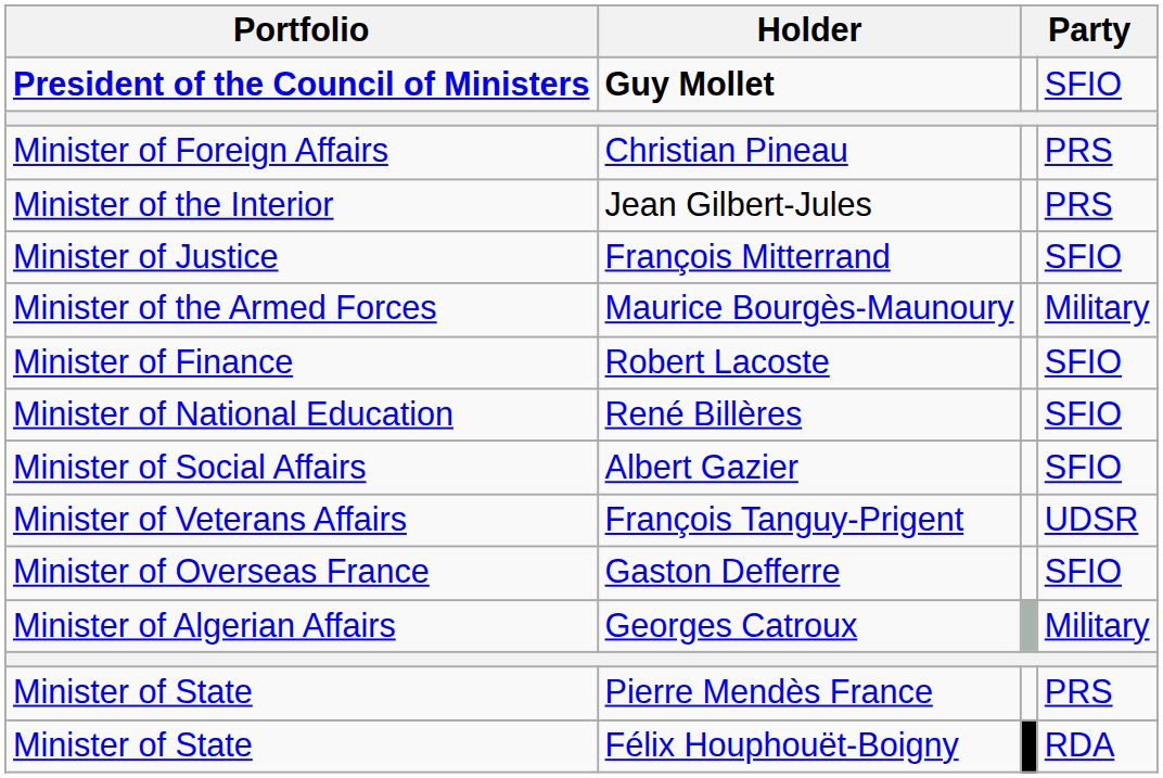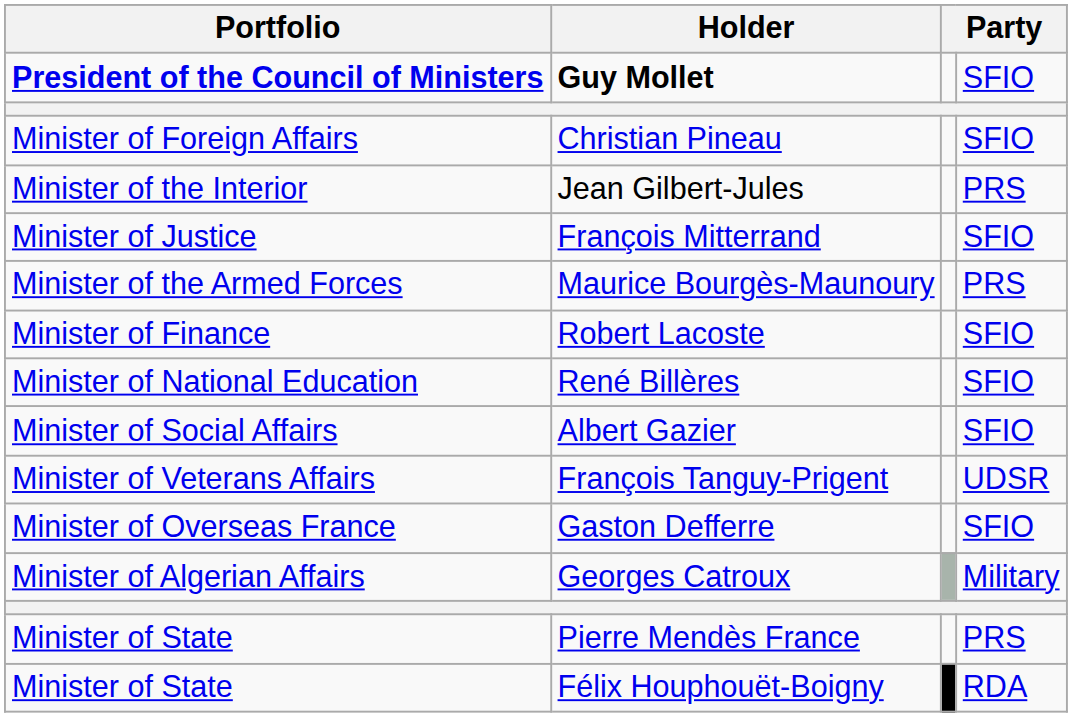 <table class="wikitable">
 <tr>
 <th>Portfolio</th>
 <th>Holder</th>
 <th colspan=2>Party</th>
 </tr>
 <tr>
 <td><strong><a href='#'>President of the Council of Ministers</a></strong></td>
 <td><strong>Guy Mollet</strong></td>
 <td style="background:"></td>
 <td><a href='#'>SFIO</a></td>
 </tr>
 <tr>
 <th colspan=4></th>
 </tr>
 <tr>
 <td><a href='#'>Minister of Foreign Affairs</a></td>
 <td><a href='#'>Christian Pineau</a></td>
 <td style="background:"></td>
-<td><a href='#'>PRS</a></td>
+<td><a href='#'>SFIO</a></td>
 </tr>
 <tr>
 <td><a href='#'>Minister of the Interior</a></td>
 <td>Jean Gilbert-Jules</td>
 <td style="background:"></td>
 <td><a href='#'>PRS</a></td>
 </tr>
 <tr>
 <td><a href='#'>Minister of Justice</a></td>
 <td><a href='#'>François Mitterrand</a></td>
 <td style="background:"></td>
 <td><a href='#'>SFIO</a></td>
 </tr>
 <tr>
 <td><a href='#'>Minister of the Armed Forces</a></td>
 <td><a href='#'>Maurice Bourgès-Maunoury</a></td>
 <td style="background:"></td>
-<td><a href='#'>Military</a></td>
+<td><a href='#'>PRS</a></td>
 </tr>
 <tr>
 <td><a href='#'>Minister of Finance</a></td>
 <td><a href='#'>Robert Lacoste</a></td>
 <td style="background:"></td>
 <td><a href='#'>SFIO</a></td>
 </tr>
 <tr>
 <td><a href='#'>Minister of National Education</a></td>
 <td><a href='#'>René Billères</a></td>
 <td style="background:"></td>
 <td><a href='#'>SFIO</a></td>
 </tr>
 <tr>
 <td><a href='#'>Minister of Social Affairs</a></td>
 <td><a href='#'>Albert Gazier</a></td>
 <td style="background:"></td>
 <td><a href='#'>SFIO</a></td>
 </tr>
 <tr>
 <td><a href='#'>Minister of Veterans Affairs</a></td>
 <td><a href='#'>François Tanguy-Prigent</a></td>
 <td style="background:"></td>
 <td><a href='#'>UDSR</a></td>
 </tr>
 <tr>
 <td><a href='#'>Minister of Overseas France</a></td>
 <td><a href='#'>Gaston Defferre</a></td>
 <td style="background:"></td>
 <td><a href='#'>SFIO</a></td>
 </tr>
 <tr>
 <td><a href='#'>Minister of Algerian Affairs</a></td>
 <td><a href='#'>Georges Catroux</a></td>
 <td style="background:#A8B4AB;"></td>
 <td><a href='#'>Military</a></td>
 </tr>
 <tr>
 <th colspan=4></th>
 </tr>
 <tr>
 <td><a href='#'>Minister of State</a></td>
 <td><a href='#'>Pierre Mendès France</a></td>
 <td style="background:"></td>
 <td><a href='#'>PRS</a></td>
 </tr>
 <tr>
 <td><a href='#'>Minister of State</a></td>
 <td><a href='#'>Félix Houphouët-Boigny</a></td>
 <td style="background:#000;"></td>
 <td><a href='#'>RDA</a></td>
 </tr>
 </table>
